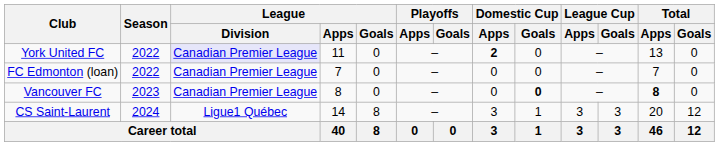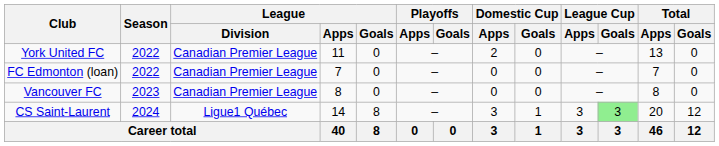 <table class="wikitable" style="text-align: center">
 <tr>
 <th rowspan="2">Club</th>
 <th rowspan="2">Season</th>
 <th colspan="3">League</th>
 <th colspan="2">Playoffs</th>
 <th colspan="2">Domestic Cup</th>
 <th colspan="2">League Cup</th>
 <th colspan="2">Total</th>
 </tr>
 <tr>
 <th>Division</th>
 <th>Apps</th>
 <th>Goals</th>
 <th>Apps</th>
 <th>Goals</th>
 <th>Apps</th>
 <th>Goals</th>
 <th>Apps</th>
 <th>Goals</th>
 <th>Apps</th>
 <th>Goals</th>
 </tr>
 <tr>
 <td><a href='#'>York United FC</a></td>
 <td><a href='#'>2022</a></td>
-<td style="background: lavender;"><a href='#'>Canadian Premier League</a></td>
+<td><a href='#'>Canadian Premier League</a></td>
 <td>11</td>
 <td>0</td>
 <td colspan="2">–</td>
-<td><strong>2</strong></td>
+<td>2</td>
 <td>0</td>
 <td colspan="2">–</td>
 <td>13</td>
 <td>0</td>
 </tr>
 <tr>
 <td><a href='#'>FC Edmonton</a> (loan)</td>
 <td><a href='#'>2022</a></td>
 <td><a href='#'>Canadian Premier League</a></td>
 <td>7</td>
 <td>0</td>
 <td colspan="2">–</td>
 <td>0</td>
 <td>0</td>
 <td colspan="2">–</td>
 <td>7</td>
 <td>0</td>
 </tr>
 <tr>
 <td><a href='#'>Vancouver FC</a></td>
 <td><a href='#'>2023</a></td>
 <td><a href='#'>Canadian Premier League</a></td>
 <td>8</td>
 <td>0</td>
 <td colspan="2">–</td>
 <td>0</td>
-<td><strong>0</strong></td>
+<td>0</td>
 <td colspan="2">–</td>
-<td><strong>8</strong></td>
+<td>8</td>
 <td>0</td>
 </tr>
 <tr>
 <td><a href='#'>CS Saint-Laurent</a></td>
 <td><a href='#'>2024</a></td>
 <td><a href='#'>Ligue1 Québec</a></td>
 <td>14</td>
 <td>8</td>
 <td colspan="2">–</td>
 <td>3</td>
 <td>1</td>
 <td>3</td>
-<td>3</td>
+<td style="background: lightgreen;">3</td>
 <td>20</td>
 <td>12</td>
 </tr>
 <tr>
 <th colspan="3"><strong>Career total</strong></th>
 <th>40</th>
 <th>8</th>
 <th>0</th>
 <th>0</th>
 <th>3</th>
 <th>1</th>
 <th>3</th>
 <th>3</th>
 <th>46</th>
 <th>12</th>
 </tr>
 </table>
